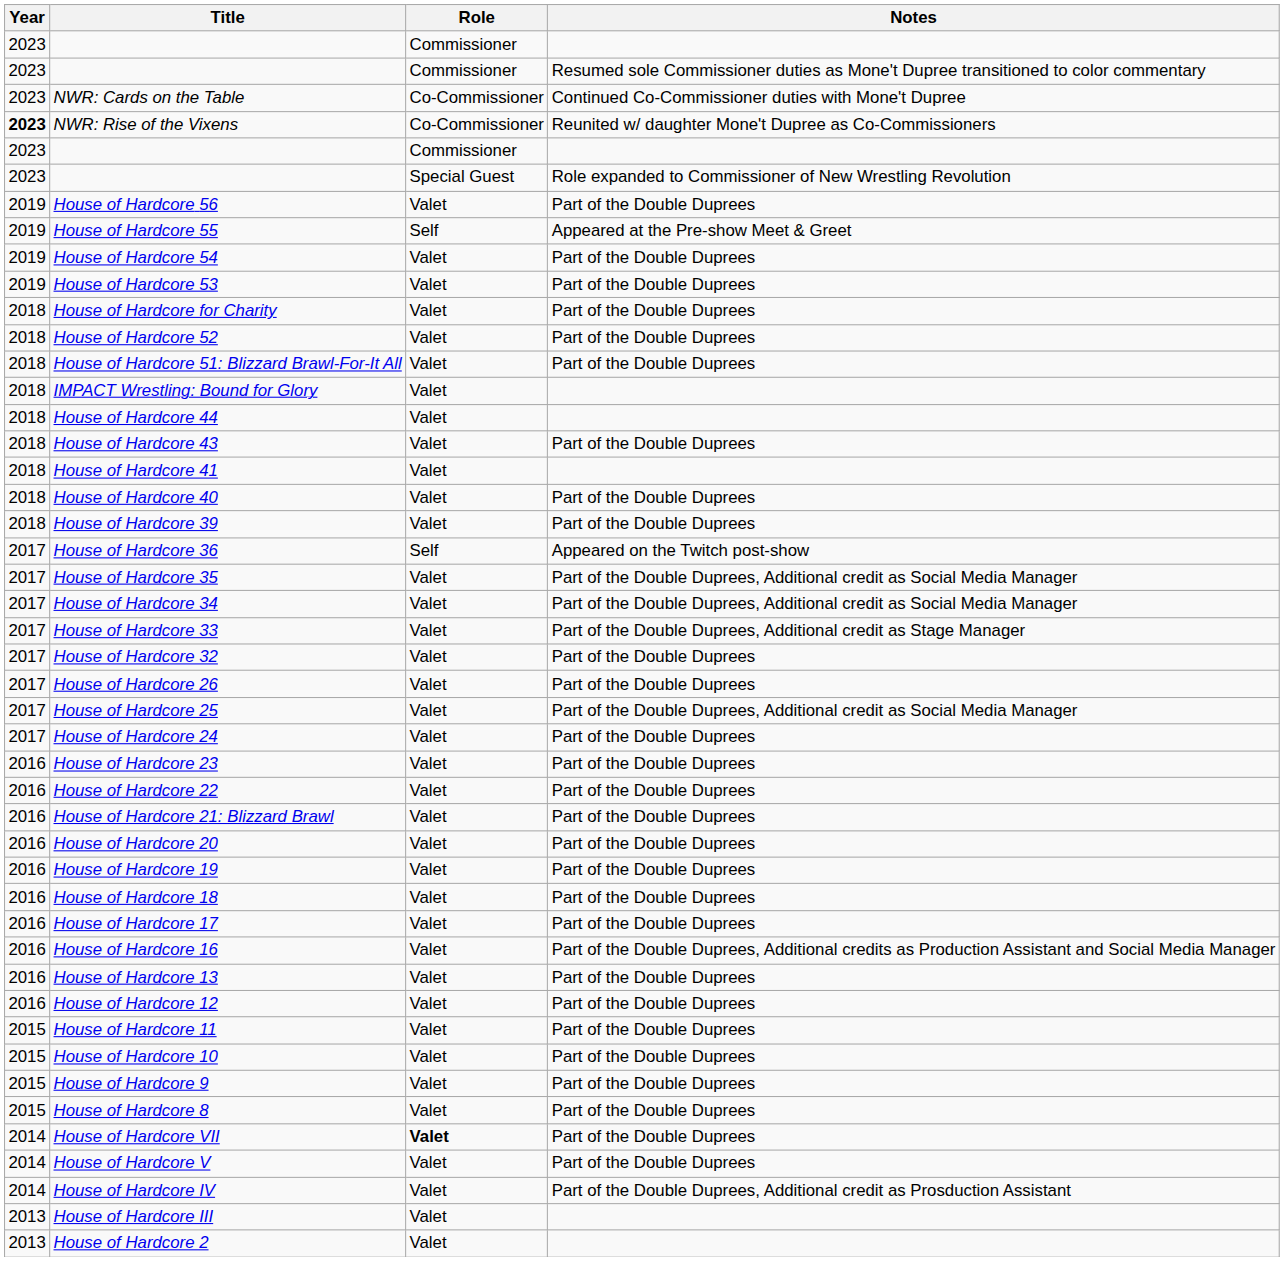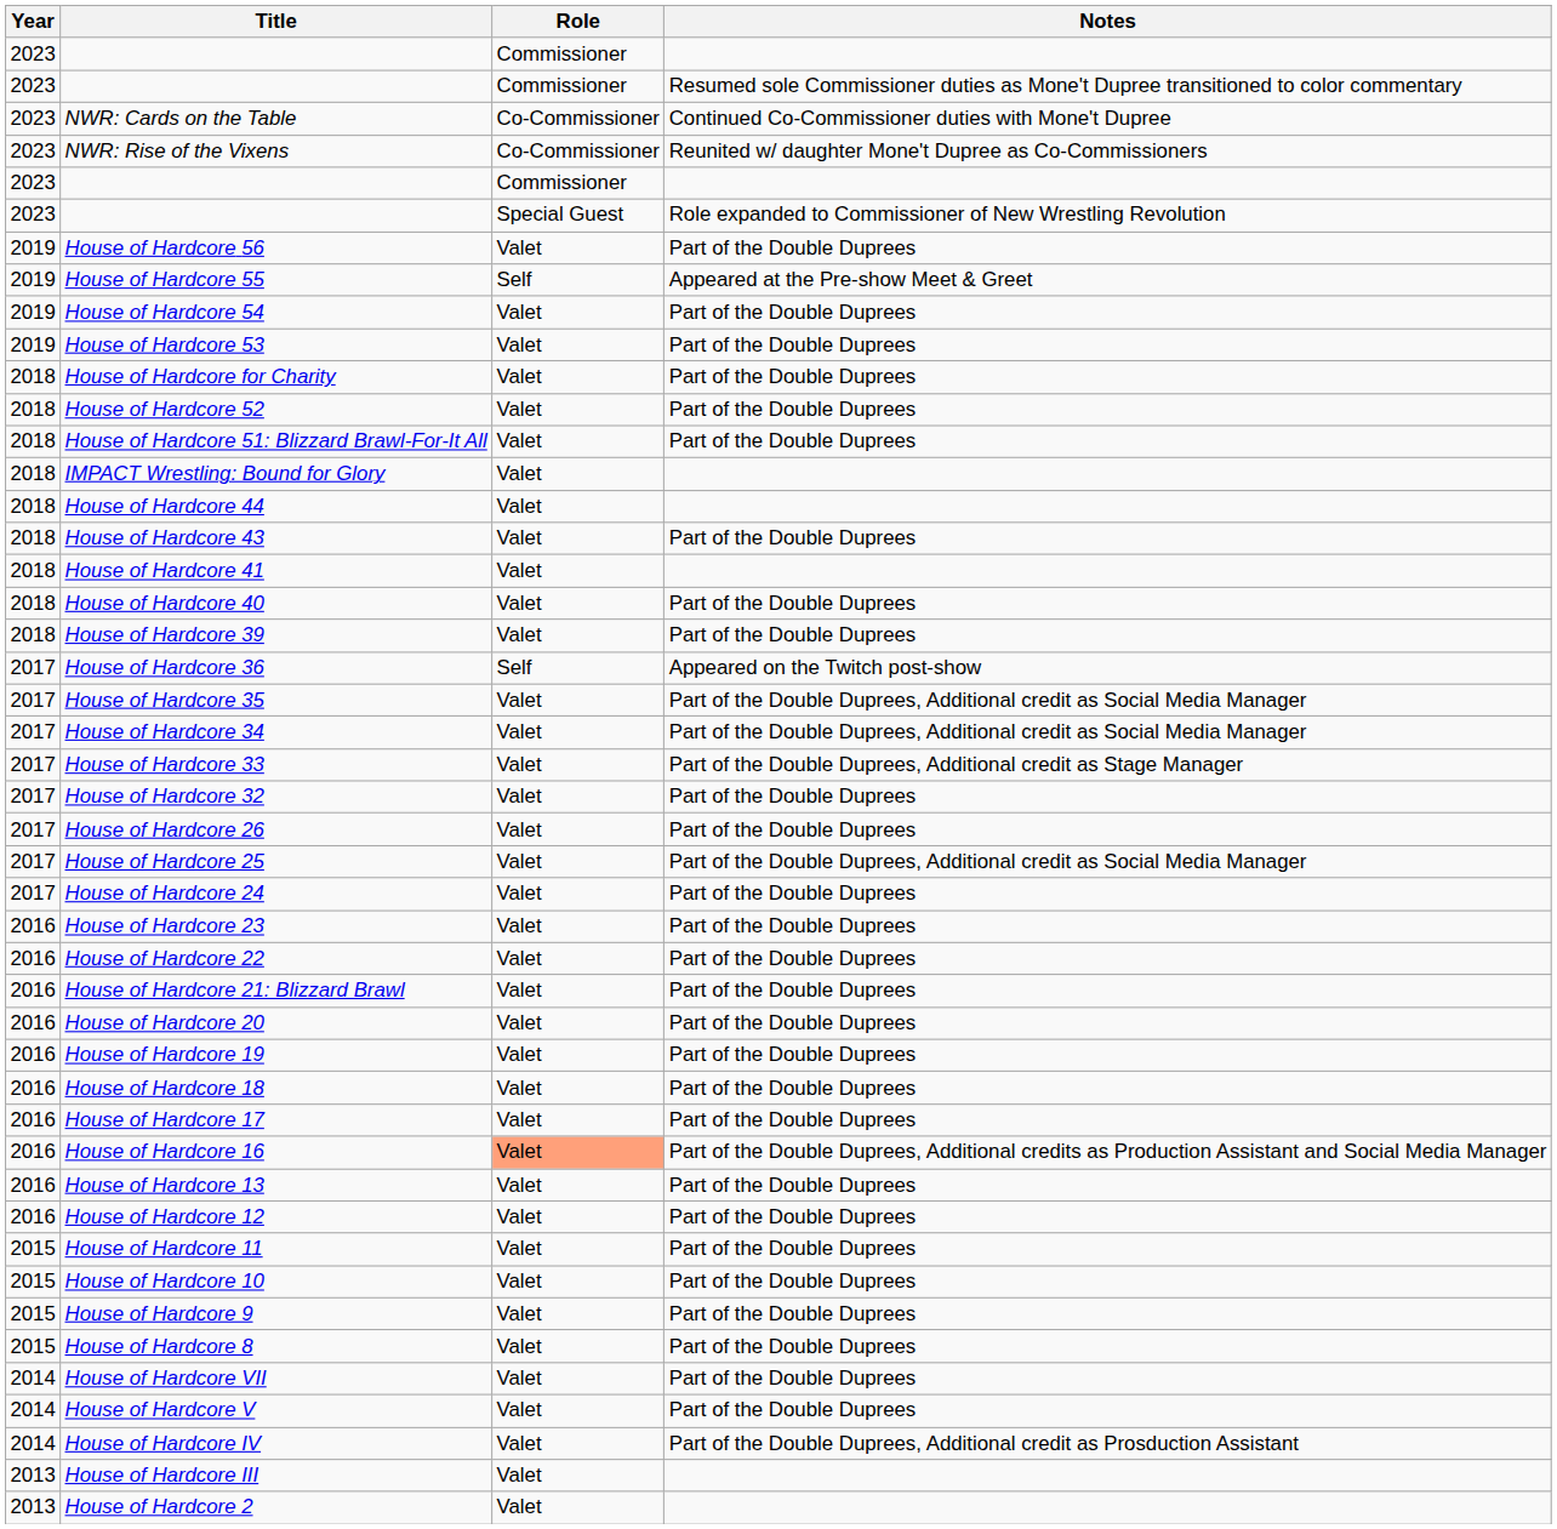 <table class="wikitable">
 <tr>
 <th>Year</th>
 <th>Title</th>
 <th>Role</th>
 <th>Notes</th>
 </tr>
 <tr>
 <td>2023</td>
 <td></td>
 <td>Commissioner</td>
 <td></td>
 </tr>
 <tr>
 <td>2023</td>
 <td></td>
 <td>Commissioner</td>
 <td>Resumed sole Commissioner duties as Mone't Dupree transitioned to color commentary</td>
 </tr>
 <tr>
 <td>2023</td>
 <td><em>NWR: Cards on the Table</em></td>
 <td>Co-Commissioner</td>
 <td>Continued Co-Commissioner duties with Mone't Dupree</td>
 </tr>
 <tr>
-<td><strong>2023</strong></td>
+<td>2023</td>
 <td><em>NWR: Rise of the Vixens</em></td>
 <td>Co-Commissioner</td>
 <td>Reunited w/ daughter Mone't Dupree as Co-Commissioners</td>
 </tr>
 <tr>
 <td>2023</td>
 <td></td>
 <td>Commissioner</td>
 <td></td>
 </tr>
 <tr>
 <td>2023</td>
 <td></td>
 <td>Special Guest</td>
 <td>Role expanded to Commissioner of New Wrestling Revolution</td>
 </tr>
 <tr>
 <td>2019</td>
 <td><a href='#'><em>House of Hardcore</em> <em>56</em></a></td>
 <td>Valet</td>
 <td>Part of the Double Duprees</td>
 </tr>
 <tr>
 <td>2019</td>
 <td><a href='#'><em>House of Hardcore 55</em></a></td>
 <td>Self</td>
 <td>Appeared at the Pre-show Meet & Greet</td>
 </tr>
 <tr>
 <td>2019</td>
 <td><em><a href='#'>House of Hardcore 54</a></em></td>
 <td>Valet</td>
 <td>Part of the Double Duprees</td>
 </tr>
 <tr>
 <td>2019</td>
 <td><em><a href='#'>House of Hardcore 53</a></em></td>
 <td>Valet</td>
 <td>Part of the Double Duprees</td>
 </tr>
 <tr>
 <td>2018</td>
 <td><em><a href='#'>House of Hardcore for Charity</a></em></td>
 <td>Valet</td>
 <td>Part of the Double Duprees</td>
 </tr>
 <tr>
 <td>2018</td>
 <td><em><a href='#'>House of Hardcore 52</a></em></td>
 <td>Valet</td>
 <td>Part of the Double Duprees</td>
 </tr>
 <tr>
 <td>2018</td>
 <td><em><a href='#'>House of Hardcore 51: Blizzard Brawl-For-It All</a></em></td>
 <td>Valet</td>
 <td>Part of the Double Duprees</td>
 </tr>
 <tr>
 <td>2018</td>
 <td><em><a href='#'>IMPACT Wrestling: Bound for Glory</a></em></td>
 <td>Valet</td>
 <td></td>
 </tr>
 <tr>
 <td>2018</td>
 <td><em><a href='#'>House of Hardcore 44</a></em></td>
 <td>Valet</td>
 <td></td>
 </tr>
 <tr>
 <td>2018</td>
 <td><em><a href='#'>House of Hardcore 43</a></em></td>
 <td>Valet</td>
 <td>Part of the Double Duprees</td>
 </tr>
 <tr>
 <td>2018</td>
 <td><em><a href='#'>House of Hardcore 41</a></em></td>
 <td>Valet</td>
 <td></td>
 </tr>
 <tr>
 <td>2018</td>
 <td><em><a href='#'>House of Hardcore 40</a></em></td>
 <td>Valet</td>
 <td>Part of the Double Duprees</td>
 </tr>
 <tr>
 <td>2018</td>
 <td><a href='#'><em>House of Hardcore 39</em></a></td>
 <td>Valet</td>
 <td>Part of the Double Duprees</td>
 </tr>
 <tr>
 <td>2017</td>
 <td><a href='#'><em>House of Hardcore 36</em></a></td>
 <td>Self</td>
 <td>Appeared on the Twitch post-show</td>
 </tr>
 <tr>
 <td>2017</td>
 <td><a href='#'><em>House of Hardcore 35</em></a></td>
 <td>Valet</td>
 <td>Part of the Double Duprees, Additional credit as Social Media Manager</td>
 </tr>
 <tr>
 <td>2017</td>
 <td><a href='#'><em>House of Hardcore 34</em></a></td>
 <td>Valet</td>
 <td>Part of the Double Duprees, Additional credit as Social Media Manager</td>
 </tr>
 <tr>
 <td>2017</td>
 <td><a href='#'><em>House of Hardcore 33</em></a></td>
 <td>Valet</td>
 <td>Part of the Double Duprees, Additional credit as Stage Manager</td>
 </tr>
 <tr>
 <td>2017</td>
 <td><a href='#'><em>House of Hardcore 32</em></a></td>
 <td>Valet</td>
 <td>Part of the Double Duprees</td>
 </tr>
 <tr>
 <td>2017</td>
 <td><a href='#'><em>House of Hardcore 26</em></a></td>
 <td>Valet</td>
 <td>Part of the Double Duprees</td>
 </tr>
 <tr>
 <td>2017</td>
 <td><a href='#'><em>House of Hardcore 25</em></a></td>
 <td>Valet</td>
 <td>Part of the Double Duprees, Additional credit as Social Media Manager</td>
 </tr>
 <tr>
 <td>2017</td>
 <td><a href='#'><em>House of Hardcore 24</em></a></td>
 <td>Valet</td>
 <td>Part of the Double Duprees</td>
 </tr>
 <tr>
 <td>2016</td>
 <td><em><a href='#'>House of Hardcore 23</a></em></td>
 <td>Valet</td>
 <td>Part of the Double Duprees</td>
 </tr>
 <tr>
 <td>2016</td>
 <td><a href='#'><em>House of Hardcore 22</em></a></td>
 <td>Valet</td>
 <td>Part of the Double Duprees</td>
 </tr>
 <tr>
 <td>2016</td>
 <td><a href='#'><em>House of Hardcore 21: Blizzard Brawl</em></a></td>
 <td>Valet</td>
 <td>Part of the Double Duprees</td>
 </tr>
 <tr>
 <td>2016</td>
 <td><a href='#'><em>House of Hardcore 20</em></a></td>
 <td>Valet</td>
 <td>Part of the Double Duprees</td>
 </tr>
 <tr>
 <td>2016</td>
 <td><a href='#'><em>House of Hardcore 19</em></a></td>
 <td>Valet</td>
 <td>Part of the Double Duprees</td>
 </tr>
 <tr>
 <td>2016</td>
 <td><a href='#'><em>House of Hardcore 18</em></a></td>
 <td>Valet</td>
 <td>Part of the Double Duprees</td>
 </tr>
 <tr>
 <td>2016</td>
 <td><a href='#'><em>House of Hardcore 17</em></a></td>
 <td>Valet</td>
 <td>Part of the Double Duprees</td>
 </tr>
 <tr>
 <td>2016</td>
 <td><a href='#'><em>House of Hardcore 16</em></a></td>
-<td>Valet</td>
+<td style="background: lightsalmon;">Valet</td>
 <td>Part of the Double Duprees, Additional credits as Production Assistant and Social Media Manager</td>
 </tr>
 <tr>
 <td>2016</td>
 <td><a href='#'><em>House of Hardcore 13</em></a></td>
 <td>Valet</td>
 <td>Part of the Double Duprees</td>
 </tr>
 <tr>
 <td>2016</td>
 <td><a href='#'><em>House of Hardcore 12</em></a></td>
 <td>Valet</td>
 <td>Part of the Double Duprees</td>
 </tr>
 <tr>
 <td>2015</td>
 <td><a href='#'><em>House of Hardcore 11</em></a></td>
 <td>Valet</td>
 <td>Part of the Double Duprees</td>
 </tr>
 <tr>
 <td>2015</td>
 <td><a href='#'><em>House of Hardcore 10</em></a></td>
 <td>Valet</td>
 <td>Part of the Double Duprees</td>
 </tr>
 <tr>
 <td>2015</td>
 <td><a href='#'><em>House of Hardcore 9</em></a></td>
 <td>Valet</td>
 <td>Part of the Double Duprees</td>
 </tr>
 <tr>
 <td>2015</td>
 <td><em><a href='#'>House of Hardcore 8</a></em></td>
 <td>Valet</td>
 <td>Part of the Double Duprees</td>
 </tr>
 <tr>
 <td>2014</td>
 <td><em><a href='#'>House of Hardcore VII</a></em></td>
-<td><strong>Valet</strong></td>
+<td>Valet</td>
 <td>Part of the Double Duprees</td>
 </tr>
 <tr>
 <td>2014</td>
 <td><em><a href='#'>House of Hardcore V</a></em></td>
 <td>Valet</td>
 <td>Part of the Double Duprees</td>
 </tr>
 <tr>
 <td>2014</td>
 <td><em><a href='#'>House of Hardcore IV</a></em></td>
 <td>Valet</td>
 <td>Part of the Double Duprees, Additional credit as Prosduction Assistant</td>
 </tr>
 <tr>
 <td>2013</td>
 <td><em><a href='#'>House of Hardcore III</a></em></td>
 <td>Valet</td>
 <td></td>
 </tr>
 <tr>
 <td>2013</td>
 <td><a href='#'><em>House of Hardcore 2</em></a></td>
 <td>Valet</td>
 <td></td>
 </tr>
 </table>
